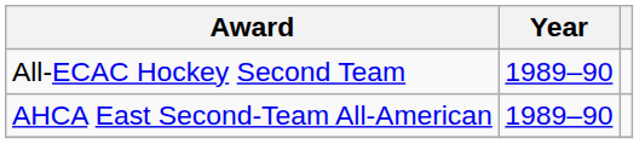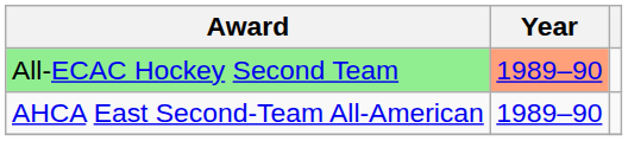 <table class="wikitable">
 <tr>
 <th>Award</th>
 <th>Year</th>
 <th></th>
 </tr>
 <tr>
-<td>All-<a href='#'>ECAC Hockey</a> <a href='#'>Second Team</a></td>
-<td><a href='#'>1989–90</a></td>
+<td style="background: lightgreen;">All-<a href='#'>ECAC Hockey</a> <a href='#'>Second Team</a></td>
+<td style="background: lightsalmon;"><a href='#'>1989–90</a></td>
 <td></td>
 </tr>
 <tr>
 <td><a href='#'>AHCA</a> <a href='#'>East Second-Team All-American</a></td>
 <td><a href='#'>1989–90</a></td>
 <td></td>
 </tr>
 <tr>
 </tr>
 </table>
